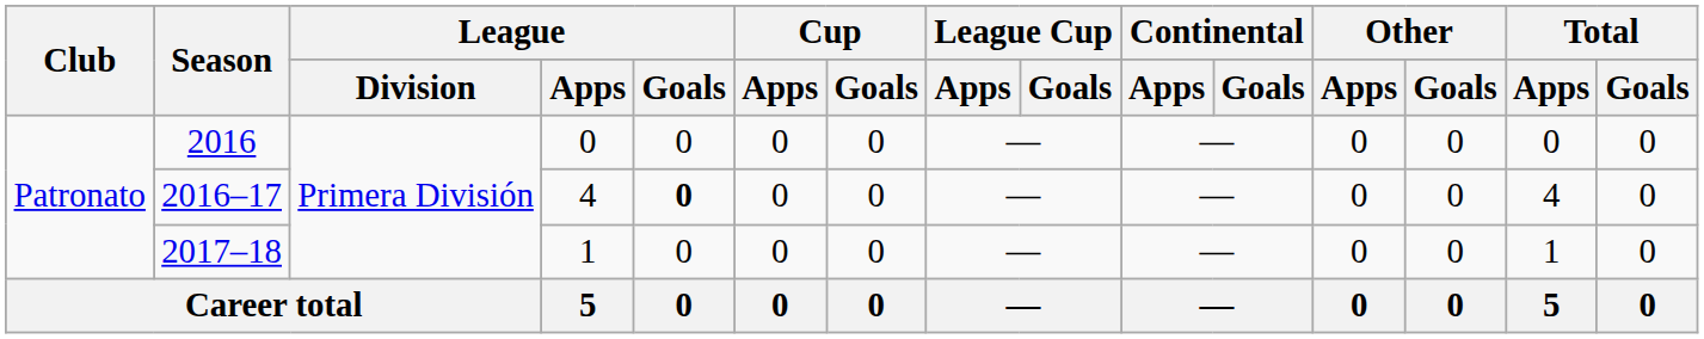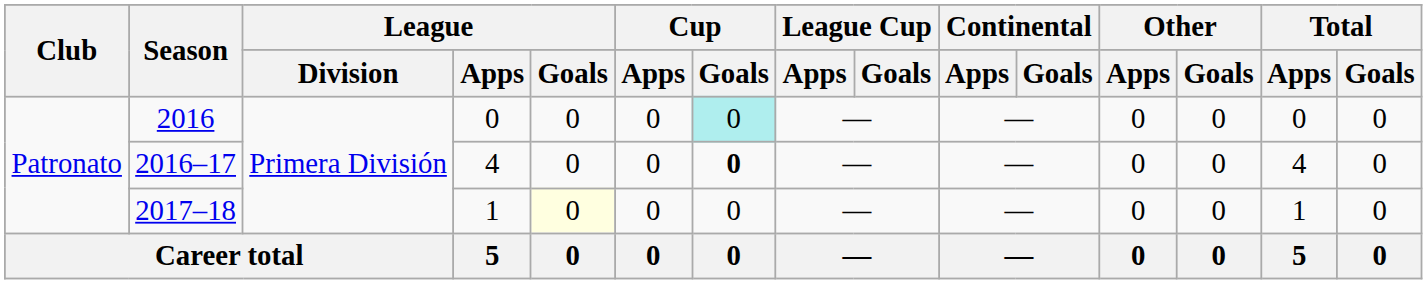 <table class="wikitable" style="text-align:center">
 <tr>
 <th rowspan="2">Club</th>
 <th rowspan="2">Season</th>
 <th colspan="3">League</th>
 <th colspan="2">Cup</th>
 <th colspan="2">League Cup</th>
 <th colspan="2">Continental</th>
 <th colspan="2">Other</th>
 <th colspan="2">Total</th>
 </tr>
 <tr>
 <th>Division</th>
 <th>Apps</th>
 <th>Goals</th>
 <th>Apps</th>
 <th>Goals</th>
 <th>Apps</th>
 <th>Goals</th>
 <th>Apps</th>
 <th>Goals</th>
 <th>Apps</th>
 <th>Goals</th>
 <th>Apps</th>
 <th>Goals</th>
 </tr>
 <tr>
 <td rowspan="3"><a href='#'>Patronato</a></td>
 <td><a href='#'>2016</a></td>
 <td rowspan="3"><a href='#'>Primera División</a></td>
 <td>0</td>
 <td>0</td>
 <td>0</td>
-<td>0</td>
+<td style="background: paleturquoise;">0</td>
 <td colspan="2">—</td>
 <td colspan="2">—</td>
 <td>0</td>
 <td>0</td>
 <td>0</td>
 <td>0</td>
 </tr>
 <tr>
 <td><a href='#'>2016–17</a></td>
 <td>4</td>
-<td><strong>0</strong></td>
 <td>0</td>
 <td>0</td>
+<td><strong>0</strong></td>
 <td colspan="2">—</td>
 <td colspan="2">—</td>
 <td>0</td>
 <td>0</td>
 <td>4</td>
 <td>0</td>
 </tr>
 <tr>
 <td><a href='#'>2017–18</a></td>
 <td>1</td>
-<td>0</td>
+<td style="background: lightyellow;">0</td>
 <td>0</td>
 <td>0</td>
 <td colspan="2">—</td>
 <td colspan="2">—</td>
 <td>0</td>
 <td>0</td>
 <td>1</td>
 <td>0</td>
 </tr>
 <tr>
 <th colspan="3">Career total</th>
 <th>5</th>
 <th>0</th>
 <th>0</th>
 <th>0</th>
 <th colspan="2">—</th>
 <th colspan="2">—</th>
 <th>0</th>
 <th>0</th>
 <th>5</th>
 <th>0</th>
 </tr>
 </table>
